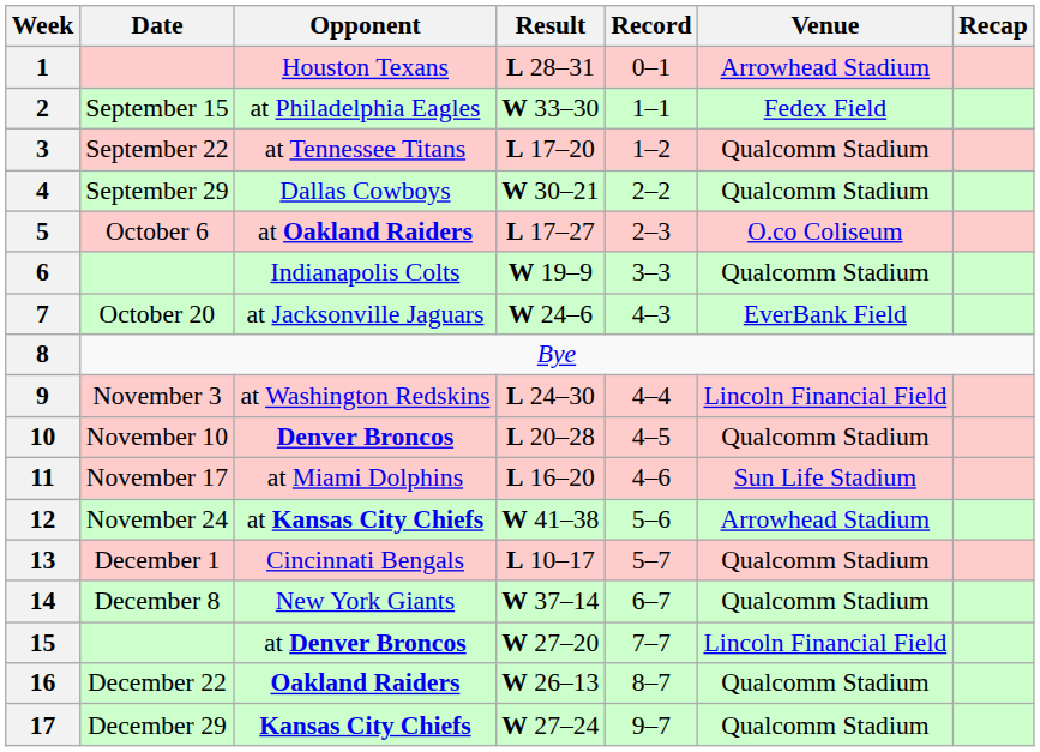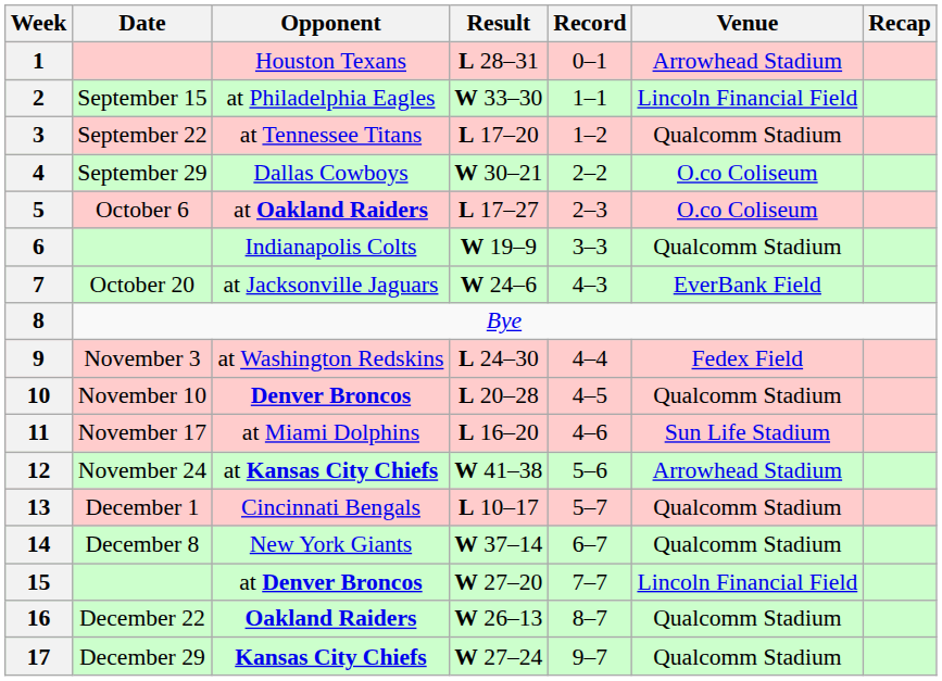 <table class="wikitable" style="text-align:center">
 <tr>
 <th>Week</th>
 <th>Date</th>
 <th>Opponent</th>
 <th>Result</th>
 <th>Record</th>
 <th>Venue</th>
 <th>Recap</th>
 </tr>
 <tr style="background:#fcc">
 <th>1</th>
 <td></td>
 <td><a href='#'>Houston Texans</a></td>
 <td><strong>L</strong> 28–31</td>
 <td>0–1</td>
 <td><a href='#'>Arrowhead Stadium</a></td>
 <td></td>
 </tr>
 <tr style="background:#cfc">
 <th>2</th>
 <td>September 15</td>
 <td>at <a href='#'>Philadelphia Eagles</a></td>
 <td><strong>W</strong> 33–30</td>
 <td>1–1</td>
-<td><a href='#'>Fedex Field</a></td>
+<td><a href='#'>Lincoln Financial Field</a></td>
 <td></td>
 </tr>
 <tr style="background:#fcc">
 <th>3</th>
 <td>September 22</td>
 <td>at <a href='#'>Tennessee Titans</a></td>
 <td><strong>L</strong> 17–20</td>
 <td>1–2</td>
 <td>Qualcomm Stadium</td>
 <td></td>
 </tr>
 <tr style="background:#cfc">
 <th>4</th>
 <td>September 29</td>
 <td><a href='#'>Dallas Cowboys</a></td>
 <td><strong>W</strong> 30–21</td>
 <td>2–2</td>
-<td>Qualcomm Stadium</td>
+<td><a href='#'>O.co Coliseum</a></td>
 <td></td>
 </tr>
 <tr style="background:#fcc">
 <th>5</th>
 <td>October 6</td>
 <td>at <strong><a href='#'>Oakland Raiders</a></strong></td>
 <td><strong>L</strong> 17–27</td>
 <td>2–3</td>
 <td><a href='#'>O.co Coliseum</a></td>
 <td></td>
 </tr>
 <tr style="background:#cfc">
 <th>6</th>
 <td></td>
 <td><a href='#'>Indianapolis Colts</a></td>
 <td><strong>W</strong> 19–9</td>
 <td>3–3</td>
 <td>Qualcomm Stadium</td>
 <td></td>
 </tr>
 <tr style="background:#cfc">
 <th>7</th>
 <td>October 20</td>
 <td>at <a href='#'>Jacksonville Jaguars</a></td>
 <td><strong>W</strong> 24–6</td>
 <td>4–3</td>
 <td><a href='#'>EverBank Field</a></td>
 <td></td>
 </tr>
 <tr>
 <th>8</th>
 <td colspan="6"><em><a href='#'>Bye</a></em></td>
 </tr>
 <tr style="background:#fcc">
 <th>9</th>
 <td>November 3</td>
 <td>at <a href='#'>Washington Redskins</a></td>
 <td><strong>L</strong> 24–30 </td>
 <td>4–4</td>
-<td><a href='#'>Lincoln Financial Field</a></td>
+<td><a href='#'>Fedex Field</a></td>
 <td></td>
 </tr>
 <tr style="background:#fcc">
 <th>10</th>
 <td>November 10</td>
 <td><strong><a href='#'>Denver Broncos</a></strong></td>
 <td><strong>L</strong> 20–28</td>
 <td>4–5</td>
 <td>Qualcomm Stadium</td>
 <td></td>
 </tr>
 <tr style="background:#fcc">
 <th>11</th>
 <td>November 17</td>
 <td>at <a href='#'>Miami Dolphins</a></td>
 <td><strong>L</strong> 16–20</td>
 <td>4–6</td>
 <td><a href='#'>Sun Life Stadium</a></td>
 <td></td>
 </tr>
 <tr style="background:#cfc">
 <th>12</th>
 <td>November 24</td>
 <td>at <strong><a href='#'>Kansas City Chiefs</a></strong></td>
 <td><strong>W</strong> 41–38</td>
 <td>5–6</td>
 <td><a href='#'>Arrowhead Stadium</a></td>
 <td></td>
 </tr>
 <tr style="background:#fcc">
 <th>13</th>
 <td>December 1</td>
 <td><a href='#'>Cincinnati Bengals</a></td>
 <td><strong>L</strong> 10–17</td>
 <td>5–7</td>
 <td>Qualcomm Stadium</td>
 <td></td>
 </tr>
 <tr style="background:#cfc">
 <th>14</th>
 <td>December 8</td>
 <td><a href='#'>New York Giants</a></td>
 <td><strong>W</strong> 37–14</td>
 <td>6–7</td>
 <td>Qualcomm Stadium</td>
 <td></td>
 </tr>
 <tr style="background:#cfc">
 <th>15</th>
 <td></td>
 <td>at <strong><a href='#'>Denver Broncos</a></strong></td>
 <td><strong>W</strong> 27–20</td>
 <td>7–7</td>
 <td><a href='#'>Lincoln Financial Field</a></td>
 <td></td>
 </tr>
 <tr style="background:#cfc">
 <th>16</th>
 <td>December 22</td>
 <td><strong><a href='#'>Oakland Raiders</a></strong></td>
 <td><strong>W</strong> 26–13</td>
 <td>8–7</td>
 <td>Qualcomm Stadium</td>
 <td></td>
 </tr>
 <tr style="background:#cfc">
 <th>17</th>
 <td>December 29</td>
 <td><strong><a href='#'>Kansas City Chiefs</a></strong></td>
 <td><strong>W</strong> 27–24 </td>
 <td>9–7</td>
 <td>Qualcomm Stadium</td>
 <td></td>
 </tr>
 </table>
